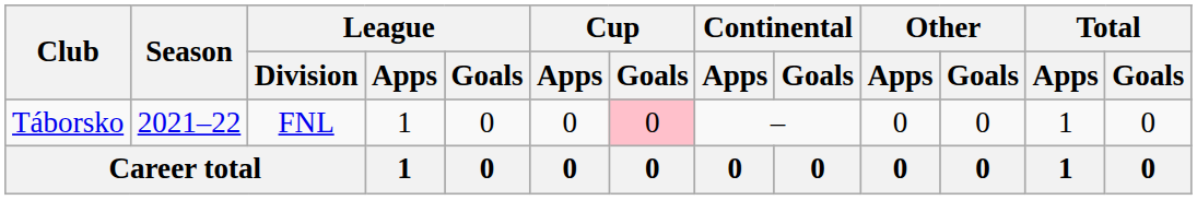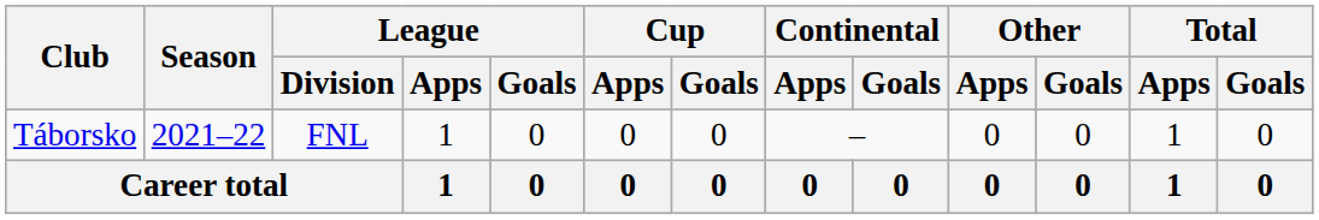 <table class="wikitable" style="text-align: center">
 <tr>
 <th rowspan="2">Club</th>
 <th rowspan="2">Season</th>
 <th colspan="3">League</th>
 <th colspan="2">Cup</th>
 <th colspan="2">Continental</th>
 <th colspan="2">Other</th>
 <th colspan="2">Total</th>
 </tr>
 <tr>
 <th>Division</th>
 <th>Apps</th>
 <th>Goals</th>
 <th>Apps</th>
 <th>Goals</th>
 <th>Apps</th>
 <th>Goals</th>
 <th>Apps</th>
 <th>Goals</th>
 <th>Apps</th>
 <th>Goals</th>
 </tr>
 <tr>
 <td><a href='#'>Táborsko</a></td>
 <td><a href='#'>2021–22</a></td>
 <td><a href='#'>FNL</a></td>
 <td>1</td>
 <td>0</td>
 <td>0</td>
-<td style="background: pink;">0</td>
+<td>0</td>
 <td colspan="2">–</td>
 <td>0</td>
 <td>0</td>
 <td>1</td>
 <td>0</td>
 </tr>
 <tr>
 <th colspan="3"><strong>Career total</strong></th>
 <th>1</th>
 <th>0</th>
 <th>0</th>
 <th>0</th>
 <th>0</th>
 <th>0</th>
 <th>0</th>
 <th>0</th>
 <th>1</th>
 <th>0</th>
 </tr>
 </table>
